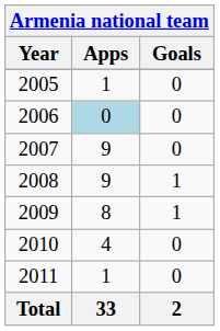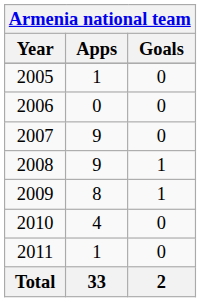 <table class="wikitable" style="text-align:center">
 <tr>
 <th colspan=3><a href='#'>Armenia national team</a></th>
 </tr>
 <tr>
 <th>Year</th>
 <th>Apps</th>
 <th>Goals</th>
 </tr>
 <tr>
 </tr>
 <tr>
 <td>2005</td>
 <td>1</td>
 <td>0</td>
 </tr>
 <tr>
 <td>2006</td>
-<td style="background: lightblue;">0</td>
+<td>0</td>
 <td>0</td>
 </tr>
 <tr>
 <td>2007</td>
 <td>9</td>
 <td>0</td>
 </tr>
 <tr>
 <td>2008</td>
 <td>9</td>
 <td>1</td>
 </tr>
 <tr>
 <td>2009</td>
 <td>8</td>
 <td>1</td>
 </tr>
 <tr>
 <td>2010</td>
 <td>4</td>
 <td>0</td>
 </tr>
 <tr>
 <td>2011</td>
 <td>1</td>
 <td>0</td>
 </tr>
 <tr>
 <th>Total</th>
 <th>33</th>
 <th>2</th>
 </tr>
 </table>
